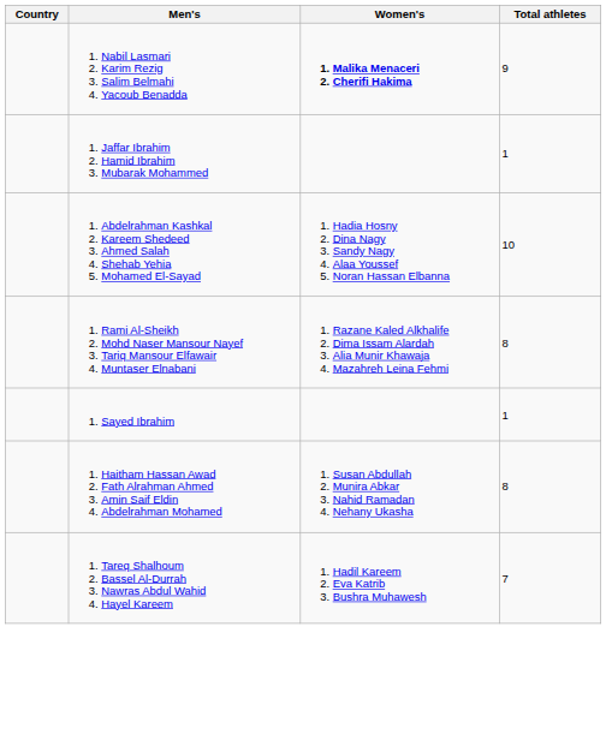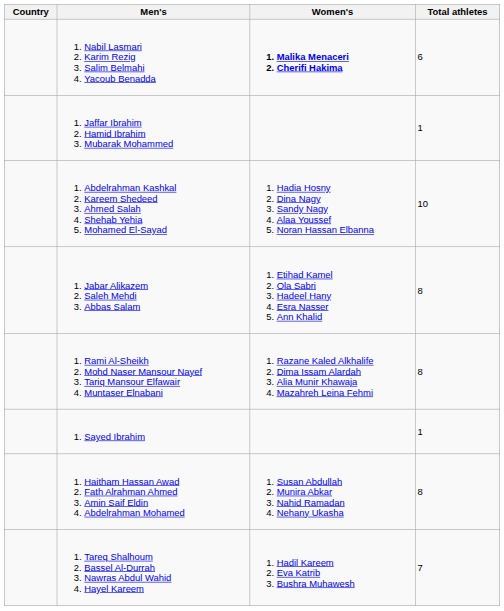 <table class="wikitable" style="width:800px; font-size:95%;">
 <tr>
 <th align="left">Country</th>
 <th align="left">Men's</th>
 <th align="left">Women's</th>
 <th align="center">Total athletes</th>
 </tr>
 <tr>
 <td></td>
 <td><br><ol><li><a href='#'>Nabil Lasmari</a></li><li><a href='#'>Karim Rezig</a></li><li><a href='#'>Salim Belmahi</a></li><li><a href='#'>Yacoub Benadda</a></li></ol></td>
 <td><strong><br><ol><li><a href='#'>Malika Menaceri</a></li><li><a href='#'>Cherifi Hakima</a></li></ol></strong></td>
-<td>9</td>
+<td>6</td>
 </tr>
 <tr>
 <td></td>
 <td><br><ol><li><a href='#'>Jaffar Ibrahim</a></li><li><a href='#'>Hamid Ibrahim</a></li><li><a href='#'>Mubarak Mohammed</a></li></ol></td>
 <td></td>
 <td>1</td>
 </tr>
 <tr>
 <td></td>
 <td><br><ol><li><a href='#'>Abdelrahman Kashkal</a></li><li><a href='#'>Kareem Shedeed</a></li><li><a href='#'>Ahmed Salah</a></li><li><a href='#'>Shehab Yehia</a></li><li><a href='#'>Mohamed El-Sayad</a></li></ol></td>
 <td><br><ol><li><a href='#'>Hadia Hosny</a></li><li><a href='#'>Dina Nagy</a></li><li><a href='#'>Sandy Nagy</a></li><li><a href='#'>Alaa Youssef</a></li><li><a href='#'>Noran Hassan Elbanna</a></li></ol></td>
 <td>10</td>
+</tr>
+<tr>
+<td></td>
+<td><br><ol><li><a href='#'>Jabar Alikazem</a></li><li><a href='#'>Saleh Mehdi</a></li><li><a href='#'>Abbas Salam</a></li></ol></td>
+<td><br><ol><li><a href='#'>Etihad Kamel</a></li><li><a href='#'>Ola Sabri</a></li><li><a href='#'>Hadeel Hany</a></li><li><a href='#'>Esra Nasser</a></li><li><a href='#'>Ann Khalid</a></li></ol></td>
+<td>8</td>
 </tr>
 <tr>
 <td></td>
 <td><br><ol><li><a href='#'>Rami Al-Sheikh</a></li><li><a href='#'>Mohd Naser Mansour Nayef</a></li><li><a href='#'>Tariq Mansour Elfawair</a></li><li><a href='#'>Muntaser Elnabani</a></li></ol></td>
 <td><br><ol><li><a href='#'>Razane Kaled Alkhalife</a></li><li><a href='#'>Dima Issam Alardah</a></li><li><a href='#'>Alia Munir Khawaja</a></li><li><a href='#'>Mazahreh Leina Fehmi</a></li></ol></td>
 <td>8</td>
 </tr>
 <tr>
 <td></td>
 <td><br><ol><li><a href='#'>Sayed Ibrahim</a></li></ol></td>
 <td></td>
 <td>1</td>
 </tr>
 <tr>
 <td></td>
 <td><br><ol><li><a href='#'>Haitham Hassan Awad</a></li><li><a href='#'>Fath Alrahman Ahmed</a></li><li><a href='#'>Amin Saif Eldin</a></li><li><a href='#'>Abdelrahman Mohamed</a></li></ol></td>
 <td><br><ol><li><a href='#'>Susan Abdullah</a></li><li><a href='#'>Munira Abkar</a></li><li><a href='#'>Nahid Ramadan</a></li><li><a href='#'>Nehany Ukasha</a></li></ol></td>
 <td>8</td>
 </tr>
 <tr>
 <td></td>
 <td><br><ol><li><a href='#'>Tareq Shalhoum</a></li><li><a href='#'>Bassel Al-Durrah</a></li><li><a href='#'>Nawras Abdul Wahid</a></li><li><a href='#'>Hayel Kareem</a></li></ol></td>
 <td><br><ol><li><a href='#'>Hadil Kareem</a></li><li><a href='#'>Eva Katrib</a></li><li><a href='#'>Bushra Muhawesh</a></li></ol></td>
 <td>7</td>
 </tr>
 </table>
